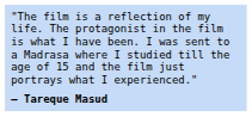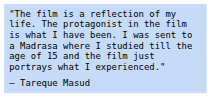 <table class="toccolours" style="float: right; margin-left: 1em; margin-right: 2em; font-size: 85%; background:#c6dbf7; color:black; width:30em; max-width: 40%;" cellspacing="5">
 <tr>
 <td style="text-align: left;">"The film is a reflection of my life. The protagonist in the film is what I have been. I was sent to a Madrasa where I studied till the age of 15 and the film just portrays what I experienced."</td>
 </tr>
 <tr>
-<td style="text-align: left;"><strong>— Tareque Masud</strong></td>
+<td style="text-align: left;">— Tareque Masud</td>
 </tr>
 </table>
